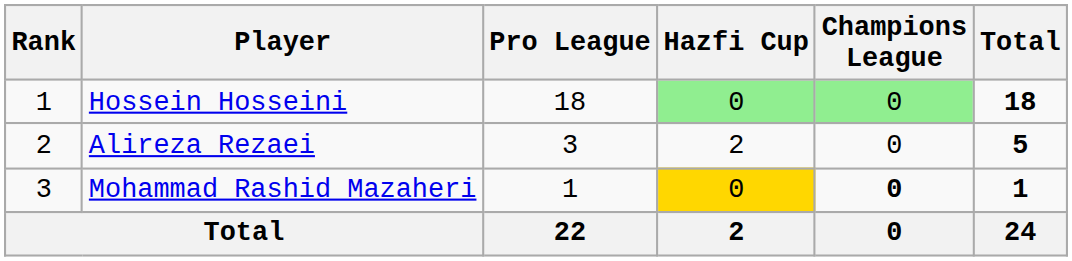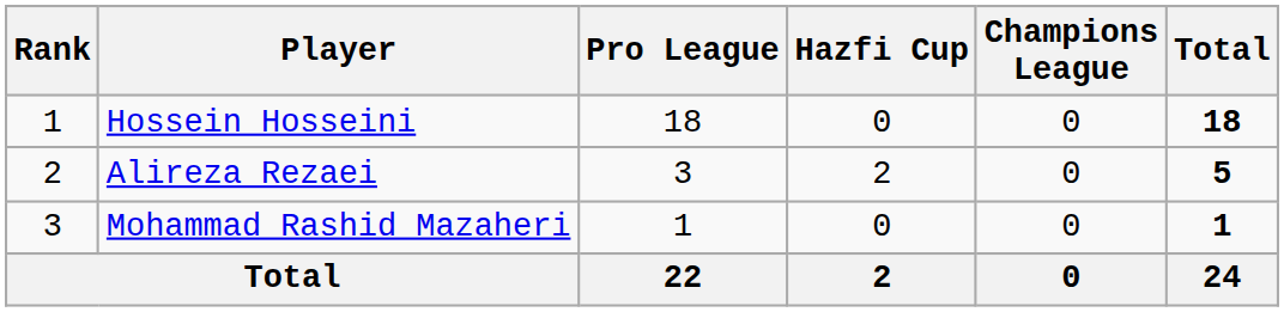 <table class="wikitable" style="text-align: center;">
 <tr>
 <th>Rank</th>
 <th>Player</th>
 <th>Pro League</th>
 <th>Hazfi Cup</th>
 <th>Champions<br>League</th>
 <th>Total</th>
 </tr>
 <tr>
 <td>1</td>
 <td align=left> <a href='#'>Hossein Hosseini</a></td>
 <td>18</td>
-<td style="background: lightgreen;">0</td>
-<td style="background: lightgreen;">0</td>
+<td>0</td>
+<td>0</td>
 <td><strong>18</strong></td>
 </tr>
 <tr>
 <td rowspan=1>2</td>
 <td align=left> <a href='#'>Alireza Rezaei</a></td>
 <td>3</td>
 <td>2</td>
 <td>0</td>
 <td rowspan=1><strong>5</strong></td>
 </tr>
 <tr>
 <td rowspan=1>3</td>
 <td align=left> <a href='#'>Mohammad Rashid Mazaheri</a></td>
 <td>1</td>
-<td style="background: gold;">0</td>
-<td><strong>0</strong></td>
+<td>0</td>
+<td>0</td>
 <td rowspan=1><strong>1</strong></td>
 </tr>
 <tr>
 <th colspan=2>Total</th>
 <th>22</th>
 <th>2</th>
 <th>0</th>
 <th>24</th>
 </tr>
 </table>
